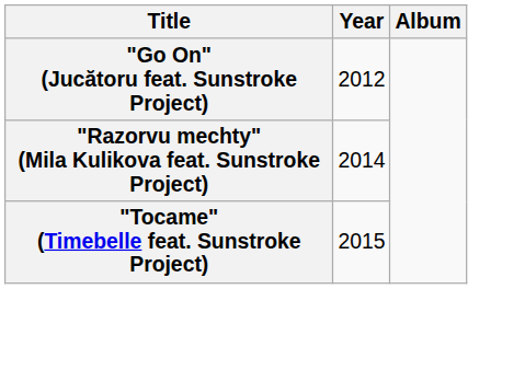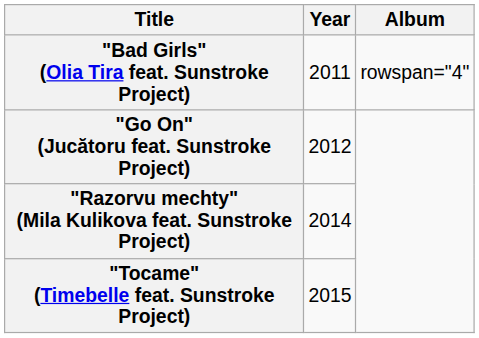 <table class="wikitable plainrowheaders" style="text-align:center;">
 <tr>
 <th scope="col" style="width:15em;">Title</th>
 <th scope="col" style="width:1em;">Year</th>
 <th scope="col">Album</th>
+</tr>
+<tr>
+<th scope="row">"Bad Girls"<br><span>(<a href='#'>Olia Tira</a> feat. Sunstroke Project)</span></th>
+<td>2011</td>
+<td>rowspan="4" </td>
 </tr>
 <tr>
 <th scope="row">"Go On"<br><span>(Jucătoru feat. Sunstroke Project)</span></th>
 <td>2012</td>
 </tr>
 <tr>
 <th scope="row">"Razorvu mechty"<br><span>(Mila Kulikova feat. Sunstroke Project)</span></th>
 <td>2014</td>
 </tr>
 <tr>
 <th scope="row">"Tocame"<br><span>(<a href='#'>Timebelle</a> feat. Sunstroke Project)</span></th>
 <td>2015</td>
 </tr>
 </table>
